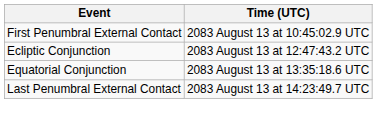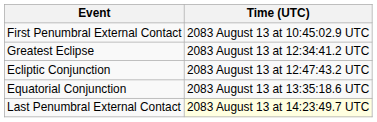 <table class="wikitable">
 <tr>
 <th>Event</th>
 <th>Time (UTC)</th>
 </tr>
 <tr>
 <td>First Penumbral External Contact</td>
 <td>2083 August 13 at 10:45:02.9 UTC</td>
+</tr>
+<tr>
+<td>Greatest Eclipse</td>
+<td>2083 August 13 at 12:34:41.2 UTC</td>
 </tr>
 <tr>
 <td>Ecliptic Conjunction</td>
 <td>2083 August 13 at 12:47:43.2 UTC</td>
 </tr>
 <tr>
 <td>Equatorial Conjunction</td>
 <td>2083 August 13 at 13:35:18.6 UTC</td>
 </tr>
 <tr>
 <td>Last Penumbral External Contact</td>
-<td>2083 August 13 at 14:23:49.7 UTC</td>
+<td style="background: lightyellow;">2083 August 13 at 14:23:49.7 UTC</td>
 </tr>
 </table>
